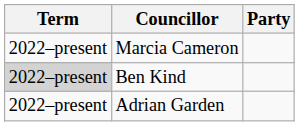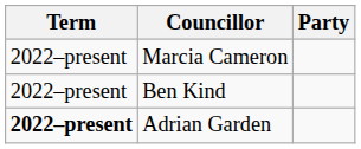 <table class="wikitable">
 <tr>
 <th>Term</th>
 <th>Councillor</th>
 <th colspan=2>Party</th>
 </tr>
 <tr>
 <td>2022–present</td>
 <td>Marcia Cameron</td>
 <td></td>
 </tr>
 <tr>
-<td style="background: lightgrey;">2022–present</td>
+<td>2022–present</td>
 <td>Ben Kind</td>
 <td></td>
 </tr>
 <tr>
-<td>2022–present</td>
+<td><strong>2022–present</strong></td>
 <td>Adrian Garden</td>
 <td></td>
 </tr>
 </table>
